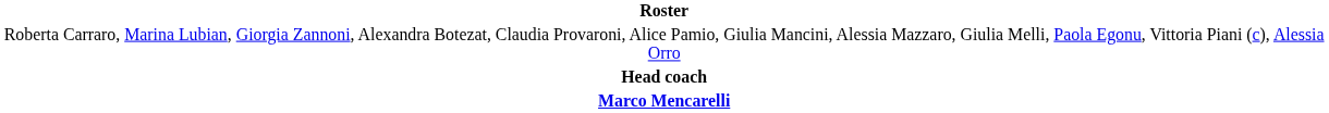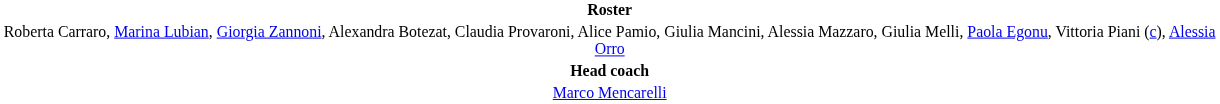 <table style="text-align: center; margin-top: 2em; margin-left: auto; margin-right: auto">
 <tr>
 <td><strong>Roster</strong></td>
 </tr>
 <tr>
 <td>Roberta Carraro, <a href='#'>Marina Lubian</a>, <a href='#'>Giorgia Zannoni</a>, Alexandra Botezat, Claudia Provaroni, Alice Pamio, Giulia Mancini, Alessia Mazzaro, Giulia Melli, <a href='#'>Paola Egonu</a>, Vittoria Piani (<a href='#'>c</a>), <a href='#'>Alessia Orro</a></td>
 </tr>
 <tr>
 <td><strong>Head coach</strong></td>
 </tr>
 <tr>
-<td><strong><a href='#'>Marco Mencarelli</a></strong></td>
+<td><a href='#'>Marco Mencarelli</a></td>
 </tr>
 </table>
